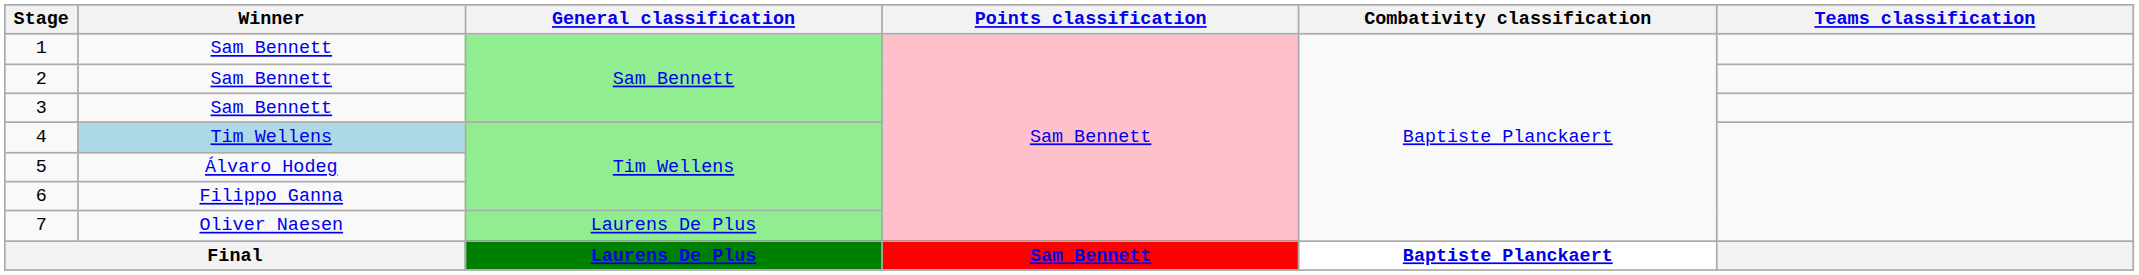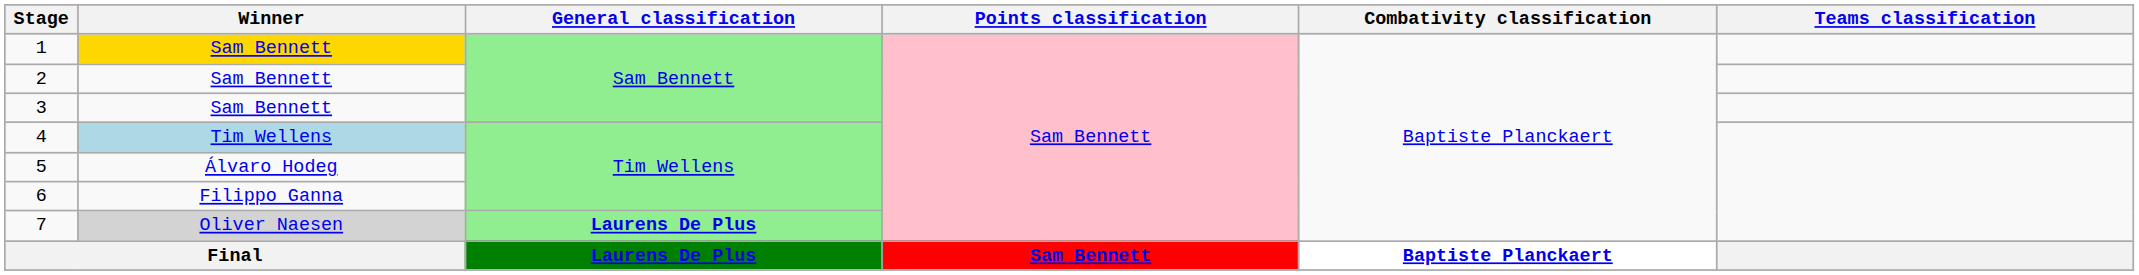 <table class="wikitable" style="text-align: center; font-size:smaller;">
 <tr style="background:#efefef;">
 <th style="width:1%;">Stage</th>
 <th style="width:13%;">Winner</th>
 <th style="width:14%;"><a href='#'>General classification</a><br></th>
 <th style="width:14%;"><a href='#'>Points classification</a><br></th>
 <th style="width:14%;">Combativity classification<br></th>
 <th style="width:14%;"><a href='#'>Teams classification</a></th>
 </tr>
 <tr>
 <td>1</td>
-<td><a href='#'>Sam Bennett</a></td>
+<td style="background: gold;"><a href='#'>Sam Bennett</a></td>
 <td style="background:lightgreen;" rowspan=3><a href='#'>Sam Bennett</a></td>
 <td style="background:pink;" rowspan=7><a href='#'>Sam Bennett</a></td>
 <td style="background:offwhite;" rowspan=7><a href='#'>Baptiste Planckaert</a></td>
 <td></td>
 </tr>
 <tr>
 <td>2</td>
 <td><a href='#'>Sam Bennett</a></td>
 <td></td>
 </tr>
 <tr>
 <td>3</td>
 <td><a href='#'>Sam Bennett</a></td>
 <td></td>
 </tr>
 <tr>
 <td>4</td>
 <td style="background: lightblue;"><a href='#'>Tim Wellens</a></td>
 <td style="background:lightgreen;" rowspan=3><a href='#'>Tim Wellens</a></td>
 <td rowspan=4></td>
 </tr>
 <tr>
 <td>5</td>
 <td><a href='#'>Álvaro Hodeg</a></td>
 </tr>
 <tr>
 <td>6</td>
 <td><a href='#'>Filippo Ganna</a></td>
 </tr>
 <tr>
 <td>7</td>
-<td><a href='#'>Oliver Naesen</a></td>
-<td style="background:lightgreen;"><a href='#'>Laurens De Plus</a></td>
+<td style="background: lightgrey;"><a href='#'>Oliver Naesen</a></td>
+<td style="background:lightgreen;"><strong><a href='#'>Laurens De Plus</a></strong></td>
 </tr>
 <tr>
 <th colspan=2><strong>Final</strong></th>
 <th style="background:green;"><a href='#'>Laurens De Plus</a></th>
 <th style="background:red;"><a href='#'>Sam Bennett</a></th>
 <th style="background:white;"><a href='#'>Baptiste Planckaert</a></th>
 <th style="background:offwhite;"></th>
 </tr>
 </table>
